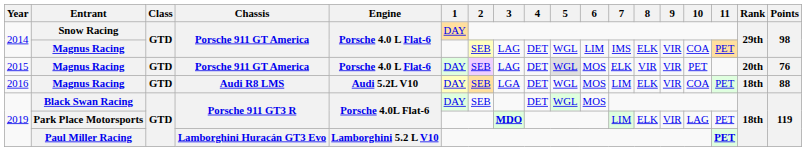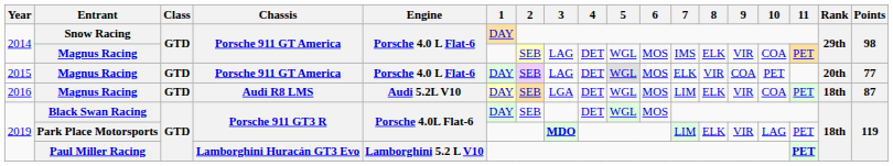 <table class="wikitable" style="text-align:center; font-size:85%">
 <tr>
 <th>Year</th>
 <th>Entrant</th>
 <th>Class</th>
 <th>Chassis</th>
 <th>Engine</th>
 <th>1</th>
 <th>2</th>
 <th>3</th>
 <th>4</th>
 <th>5</th>
 <th>6</th>
 <th>7</th>
 <th>8</th>
 <th>9</th>
 <th>10</th>
 <th>11</th>
 <th>Rank</th>
 <th>Points</th>
 </tr>
 <tr>
 <td rowspan="2"><a href='#'>2014</a></td>
 <th>Snow Racing</th>
 <th rowspan="2">GTD</th>
 <th rowspan="2"><a href='#'>Porsche 911 GT America</a></th>
 <th rowspan="2"><a href='#'>Porsche</a> 4.0 L <a href='#'>Flat-6</a></th>
 <td style="background:#FFDF9F;"><a href='#'>DAY</a><br></td>
 <td colspan="10"></td>
 <th rowspan="2">29th</th>
 <th rowspan="2">98</th>
 </tr>
 <tr>
 <th><a href='#'>Magnus Racing</a></th>
 <td></td>
 <td style="background:#FFFFBF;"><a href='#'>SEB</a><br></td>
 <td style="background:#;"><a href='#'>LAG</a></td>
 <td style="background:#;"><a href='#'>DET</a></td>
 <td style="background:#;"><a href='#'>WGL</a></td>
-<td style="background:#;"><a href='#'>LIM</a></td>
+<td style="background:#;"><a href='#'>MOS</a></td>
 <td style="background:#;"><a href='#'>IMS</a></td>
 <td style="background:#;"><a href='#'>ELK</a></td>
 <td style="background:#;"><a href='#'>VIR</a></td>
 <td style="background:#;"><a href='#'>COA</a></td>
 <td style="background:#FFDF9F;"><a href='#'>PET</a><br></td>
 </tr>
 <tr>
 <td><a href='#'>2015</a></td>
 <th nowrap><a href='#'>Magnus Racing</a></th>
 <th>GTD</th>
 <th nowrap><a href='#'>Porsche 911 GT America</a></th>
 <th nowrap><a href='#'>Porsche</a> 4.0 L <a href='#'>Flat-6</a></th>
 <td style="background:#DFFFDF;"><a href='#'>DAY</a><br></td>
 <td style="background:#EFCFFF;"><a href='#'>SEB</a><br></td>
 <td style="background:#;"><a href='#'>LAG</a></td>
 <td style="background:#;"><a href='#'>DET</a></td>
 <td style="background:#DFDFDF;"><a href='#'>WGL</a><br></td>
 <td style="background:#;"><a href='#'>MOS</a></td>
 <td style="background:#;"><a href='#'>ELK</a></td>
 <td style="background:#;"><a href='#'>VIR</a></td>
-<td style="background:#;"><a href='#'>VIR</a> <br></td>
+<td style="background:#;"><a href='#'>COA</a></td>
 <td style="background:#;"><a href='#'>PET</a></td>
 <td></td>
 <th>20th</th>
-<th>76</th>
+<th>77</th>
 </tr>
 <tr>
 <td><a href='#'>2016</a></td>
 <th nowrap><a href='#'>Magnus Racing</a></th>
 <th>GTD</th>
 <th nowrap><a href='#'>Audi R8 LMS</a></th>
 <th nowrap><a href='#'>Audi</a> 5.2L V10</th>
 <td style="background:#FFFFBF;"><a href='#'>DAY</a><br></td>
 <td style="background:#ffdf9f;"><a href='#'>SEB</a><br></td>
 <td><a href='#'>LGA</a></td>
 <td><a href='#'>DET</a></td>
 <td><a href='#'>WGL</a></td>
 <td><a href='#'>MOS</a></td>
 <td><a href='#'>LIM</a></td>
 <td><a href='#'>ELK</a></td>
 <td><a href='#'>VIR</a></td>
 <td><a href='#'>COA</a></td>
 <td style="background:#dfffdf;"><a href='#'>PET</a><br></td>
 <th>18th</th>
-<th>88</th>
+<th>87</th>
 </tr>
 <tr>
 <td rowspan="3"><a href='#'>2019</a></td>
 <th><a href='#'>Black Swan Racing</a></th>
 <th rowspan="3">GTD</th>
 <th rowspan="2"><a href='#'>Porsche 911 GT3 R</a></th>
 <th rowspan="2"><a href='#'>Porsche</a> 4.0L Flat-6</th>
 <td style="background:#dfffdf;"><a href='#'>DAY</a> <br></td>
 <td><a href='#'>SEB</a> <br></td>
 <td></td>
 <td><a href='#'>DET</a></td>
 <td style="background:#dfffdf;"><a href='#'>WGL</a> <br></td>
 <td><a href='#'>MOS</a></td>
 <td colspan="5"></td>
 <th rowspan="3">18th</th>
 <th rowspan="3">119</th>
 </tr>
 <tr>
 <th>Park Place Motorsports</th>
 <td colspan="2"></td>
 <td style="background:#DFFFDF;"><strong><a href='#'>MDO</a> <br></strong></td>
 <td colspan="3"></td>
 <td style="background:#dfffdf;"><a href='#'>LIM</a> <br></td>
 <td style="background:#;"><a href='#'>ELK</a> <br></td>
 <td style="background:#;"><a href='#'>VIR</a> <br></td>
 <td style="background:#;"><a href='#'>LAG</a> <br></td>
 <td><a href='#'>PET</a></td>
 </tr>
 <tr>
 <th><a href='#'>Paul Miller Racing</a></th>
 <th><a href='#'>Lamborghini Huracán GT3 Evo</a></th>
 <th><a href='#'>Lamborghini</a> 5.2 L <a href='#'>V10</a></th>
 <td colspan="10"></td>
 <td style="background:#dfffdf;"><strong><a href='#'>PET</a></strong><br></td>
 </tr>
 </table>
